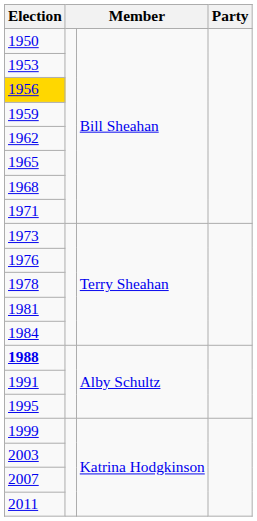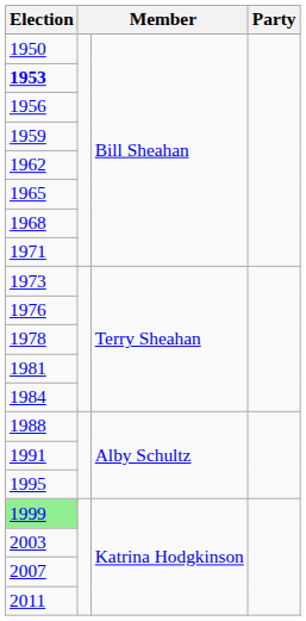 <table class="wikitable">
 <tr>
 <th>Election</th>
 <th colspan="2">Member</th>
 <th>Party</th>
 </tr>
 <tr>
 <td><a href='#'>1950</a></td>
 <td rowspan="8" > </td>
 <td rowspan="8"><a href='#'>Bill Sheahan</a></td>
 <td rowspan="8"></td>
 </tr>
 <tr>
-<td><a href='#'>1953</a></td>
+<td><strong><a href='#'>1953</a></strong></td>
 </tr>
 <tr>
-<td style="background: gold;"><a href='#'>1956</a></td>
+<td><a href='#'>1956</a></td>
 </tr>
 <tr>
 <td><a href='#'>1959</a></td>
 </tr>
 <tr>
 <td><a href='#'>1962</a></td>
 </tr>
 <tr>
 <td><a href='#'>1965</a></td>
 </tr>
 <tr>
 <td><a href='#'>1968</a></td>
 </tr>
 <tr>
 <td><a href='#'>1971</a></td>
 </tr>
 <tr>
 <td><a href='#'>1973</a></td>
 <td rowspan="5" > </td>
 <td rowspan="5"><a href='#'>Terry Sheahan</a></td>
 <td rowspan="5"></td>
 </tr>
 <tr>
 <td><a href='#'>1976</a></td>
 </tr>
 <tr>
 <td><a href='#'>1978</a></td>
 </tr>
 <tr>
 <td><a href='#'>1981</a></td>
 </tr>
 <tr>
 <td><a href='#'>1984</a></td>
 </tr>
 <tr>
-<td><strong><a href='#'>1988</a></strong></td>
+<td><a href='#'>1988</a></td>
 <td rowspan="3" > </td>
 <td rowspan="3"><a href='#'>Alby Schultz</a></td>
 <td rowspan="3"></td>
 </tr>
 <tr>
 <td><a href='#'>1991</a></td>
 </tr>
 <tr>
 <td><a href='#'>1995</a></td>
 </tr>
 <tr>
-<td><a href='#'>1999</a></td>
+<td style="background: lightgreen;"><a href='#'>1999</a></td>
 <td rowspan="4" > </td>
 <td rowspan="4"><a href='#'>Katrina Hodgkinson</a></td>
 <td rowspan="4"></td>
 </tr>
 <tr>
 <td><a href='#'>2003</a></td>
 </tr>
 <tr>
 <td><a href='#'>2007</a></td>
 </tr>
 <tr>
 <td><a href='#'>2011</a></td>
 </tr>
 </table>
